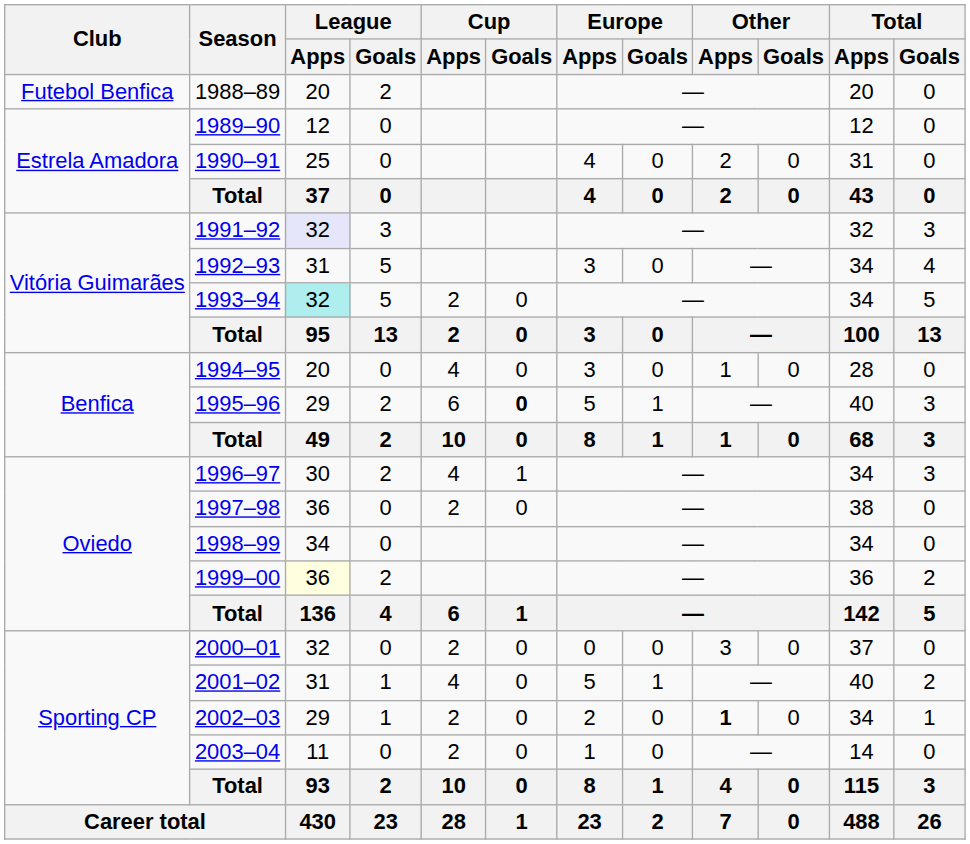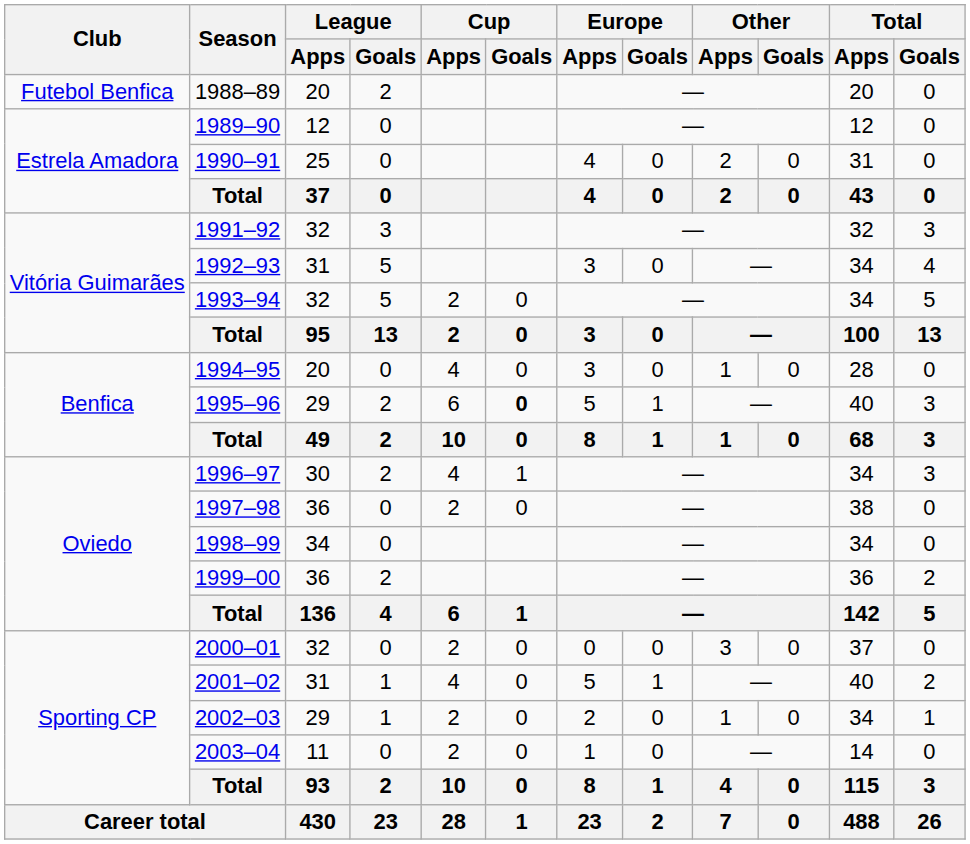 <table class="wikitable" style="text-align: center;">
 <tr>
 <th rowspan="2">Club</th>
 <th rowspan="2">Season</th>
 <th colspan="2">League</th>
 <th colspan="2">Cup</th>
 <th colspan="2">Europe</th>
 <th colspan="2">Other</th>
 <th colspan="2">Total</th>
 </tr>
 <tr>
 <th>Apps</th>
 <th>Goals</th>
 <th>Apps</th>
 <th>Goals</th>
 <th>Apps</th>
 <th>Goals</th>
 <th>Apps</th>
 <th>Goals</th>
 <th>Apps</th>
 <th>Goals</th>
 </tr>
 <tr>
 <td rowspan="1"><a href='#'>Futebol Benfica</a></td>
 <td>1988–89</td>
 <td>20</td>
 <td>2</td>
 <td></td>
 <td></td>
 <td colspan="4">—</td>
 <td>20</td>
 <td>0</td>
 </tr>
 <tr>
 <td rowspan="3"><a href='#'>Estrela Amadora</a></td>
 <td><a href='#'>1989–90</a></td>
 <td>12</td>
 <td>0</td>
 <td></td>
 <td></td>
 <td colspan="4">—</td>
 <td>12</td>
 <td>0</td>
 </tr>
 <tr>
 <td><a href='#'>1990–91</a></td>
 <td>25</td>
 <td>0</td>
 <td></td>
 <td></td>
 <td>4</td>
 <td>0</td>
 <td>2</td>
 <td>0</td>
 <td>31</td>
 <td>0</td>
 </tr>
 <tr>
 <th>Total</th>
 <th>37</th>
 <th>0</th>
 <th></th>
 <th></th>
 <th>4</th>
 <th>0</th>
 <th>2</th>
 <th>0</th>
 <th>43</th>
 <th>0</th>
 </tr>
 <tr>
 <td rowspan="4"><a href='#'>Vitória Guimarães</a></td>
 <td><a href='#'>1991–92</a></td>
-<td style="background: lavender;">32</td>
+<td>32</td>
 <td>3</td>
 <td></td>
 <td></td>
 <td colspan="4">—</td>
 <td>32</td>
 <td>3</td>
 </tr>
 <tr>
 <td><a href='#'>1992–93</a></td>
 <td>31</td>
 <td>5</td>
 <td></td>
 <td></td>
 <td>3</td>
 <td>0</td>
 <td colspan="2">—</td>
 <td>34</td>
 <td>4</td>
 </tr>
 <tr>
 <td><a href='#'>1993–94</a></td>
-<td style="background: paleturquoise;">32</td>
+<td>32</td>
 <td>5</td>
 <td>2</td>
 <td>0</td>
 <td colspan="4">—</td>
 <td>34</td>
 <td>5</td>
 </tr>
 <tr>
 <th>Total</th>
 <th>95</th>
 <th>13</th>
 <th>2</th>
 <th>0</th>
 <th>3</th>
 <th>0</th>
 <th colspan="2">—</th>
 <th>100</th>
 <th>13</th>
 </tr>
 <tr>
 <td rowspan="3"><a href='#'>Benfica</a></td>
 <td><a href='#'>1994–95</a></td>
 <td>20</td>
 <td>0</td>
 <td>4</td>
 <td>0</td>
 <td>3</td>
 <td>0</td>
 <td>1</td>
 <td>0</td>
 <td>28</td>
 <td>0</td>
 </tr>
 <tr>
 <td><a href='#'>1995–96</a></td>
 <td>29</td>
 <td>2</td>
 <td>6</td>
 <td><strong>0</strong></td>
 <td>5</td>
 <td>1</td>
 <td colspan="2">—</td>
 <td>40</td>
 <td>3</td>
 </tr>
 <tr>
 <th>Total</th>
 <th>49</th>
 <th>2</th>
 <th>10</th>
 <th>0</th>
 <th>8</th>
 <th>1</th>
 <th>1</th>
 <th>0</th>
 <th>68</th>
 <th>3</th>
 </tr>
 <tr>
 <td rowspan="5"><a href='#'>Oviedo</a></td>
 <td><a href='#'>1996–97</a></td>
 <td>30</td>
 <td>2</td>
 <td>4</td>
 <td>1</td>
 <td colspan="4">—</td>
 <td>34</td>
 <td>3</td>
 </tr>
 <tr>
 <td><a href='#'>1997–98</a></td>
 <td>36</td>
 <td>0</td>
 <td>2</td>
 <td>0</td>
 <td colspan="4">—</td>
 <td>38</td>
 <td>0</td>
 </tr>
 <tr>
 <td><a href='#'>1998–99</a></td>
 <td>34</td>
 <td>0</td>
 <td></td>
 <td></td>
 <td colspan="4">—</td>
 <td>34</td>
 <td>0</td>
 </tr>
 <tr>
 <td><a href='#'>1999–00</a></td>
-<td style="background: lightyellow;">36</td>
+<td>36</td>
 <td>2</td>
 <td></td>
 <td></td>
 <td colspan="4">—</td>
 <td>36</td>
 <td>2</td>
 </tr>
 <tr>
 <th>Total</th>
 <th>136</th>
 <th>4</th>
 <th>6</th>
 <th>1</th>
 <th colspan="4">—</th>
 <th>142</th>
 <th>5</th>
 </tr>
 <tr>
 <td rowspan="5"><a href='#'>Sporting CP</a></td>
 <td><a href='#'>2000–01</a></td>
 <td>32</td>
 <td>0</td>
 <td>2</td>
 <td>0</td>
 <td>0</td>
 <td>0</td>
 <td>3</td>
 <td>0</td>
 <td>37</td>
 <td>0</td>
 </tr>
 <tr>
 <td><a href='#'>2001–02</a></td>
 <td>31</td>
 <td>1</td>
 <td>4</td>
 <td>0</td>
 <td>5</td>
 <td>1</td>
 <td colspan="2">—</td>
 <td>40</td>
 <td>2</td>
 </tr>
 <tr>
 <td><a href='#'>2002–03</a></td>
 <td>29</td>
 <td>1</td>
 <td>2</td>
 <td>0</td>
 <td>2</td>
 <td>0</td>
-<td><strong>1</strong></td>
+<td>1</td>
 <td>0</td>
 <td>34</td>
 <td>1</td>
 </tr>
 <tr>
 <td><a href='#'>2003–04</a></td>
 <td>11</td>
 <td>0</td>
 <td>2</td>
 <td>0</td>
 <td>1</td>
 <td>0</td>
 <td colspan="2">—</td>
 <td>14</td>
 <td>0</td>
 </tr>
 <tr>
 <th>Total</th>
 <th>93</th>
 <th>2</th>
 <th>10</th>
 <th>0</th>
 <th>8</th>
 <th>1</th>
 <th>4</th>
 <th>0</th>
 <th>115</th>
 <th>3</th>
 </tr>
 <tr>
 <th colspan="2">Career total</th>
 <th>430</th>
 <th>23</th>
 <th>28</th>
 <th>1</th>
 <th>23</th>
 <th>2</th>
 <th>7</th>
 <th>0</th>
 <th>488</th>
 <th>26</th>
 </tr>
 </table>
